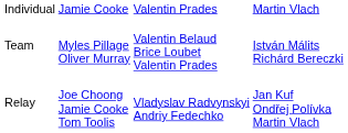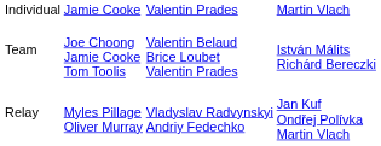 <table>
 <tr>
 <td>Individual</td>
 <td> <a href='#'>Jamie Cooke</a></td>
 <td> <a href='#'>Valentin Prades</a></td>
 <td> <a href='#'>Martin Vlach</a></td>
 </tr>
 <tr>
 <td>Team</td>
-<td><br><a href='#'>Myles Pillage</a><br><a href='#'>Oliver Murray</a></td>
+<td><br><a href='#'>Joe Choong</a><br><a href='#'>Jamie Cooke</a><br><a href='#'>Tom Toolis</a></td>
 <td><br><a href='#'>Valentin Belaud</a><br><a href='#'>Brice Loubet</a><br><a href='#'>Valentin Prades</a></td>
 <td><br><a href='#'>István Málits</a><br><a href='#'>Richárd Bereczki</a></td>
 </tr>
 <tr>
 <td>Relay</td>
-<td><br><a href='#'>Joe Choong</a><br><a href='#'>Jamie Cooke</a><br><a href='#'>Tom Toolis</a></td>
+<td><br><a href='#'>Myles Pillage</a><br><a href='#'>Oliver Murray</a></td>
 <td><br><a href='#'>Vladyslav Radvynskyi</a><br><a href='#'>Andriy Fedechko</a></td>
 <td><br><a href='#'>Jan Kuf</a><br><a href='#'>Ondřej Polívka</a><br><a href='#'>Martin Vlach</a></td>
 </tr>
 </table>
